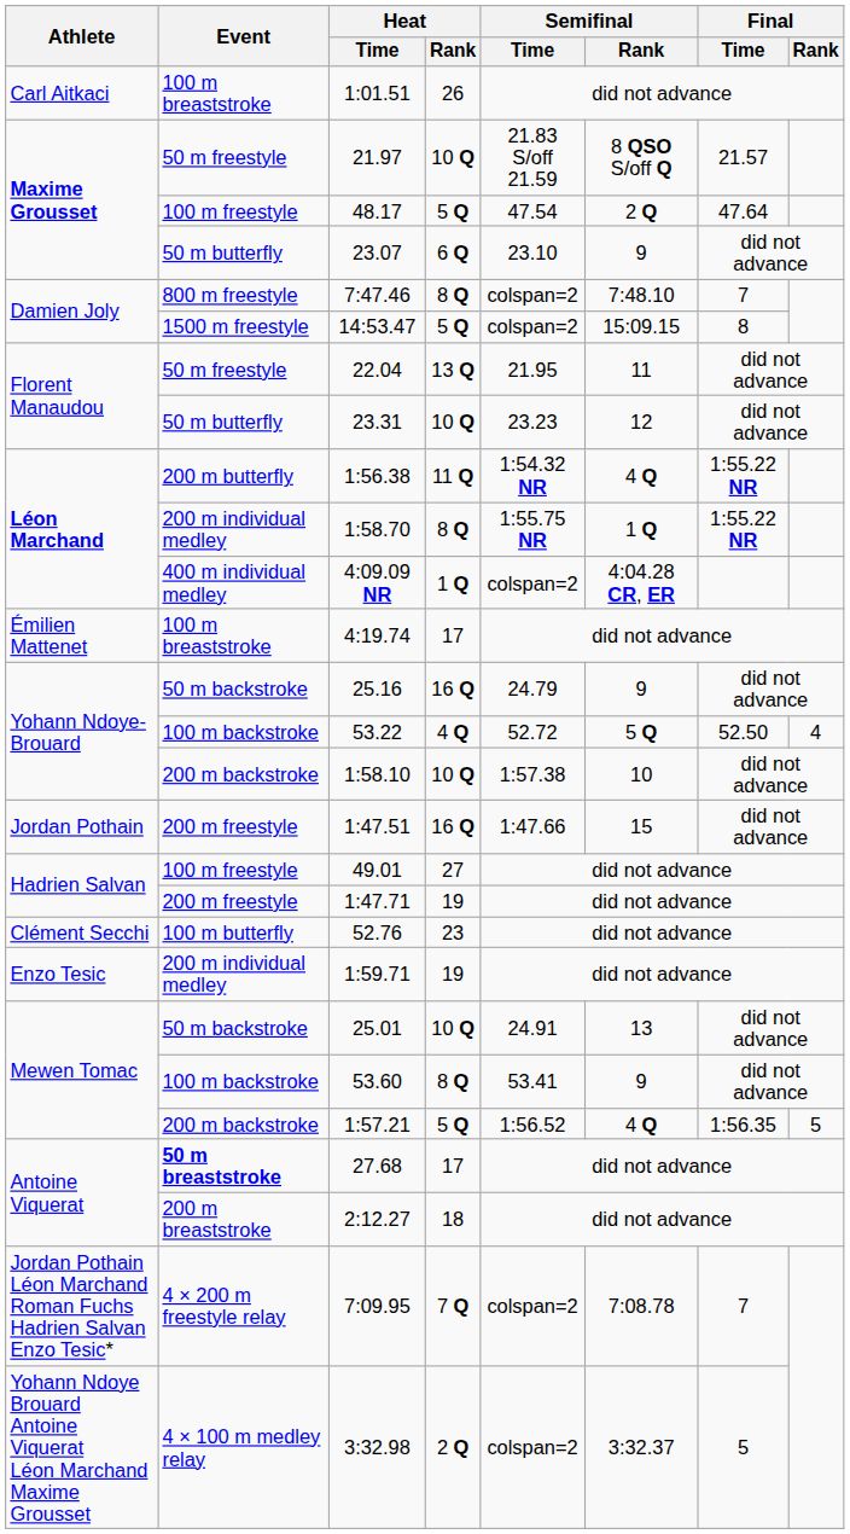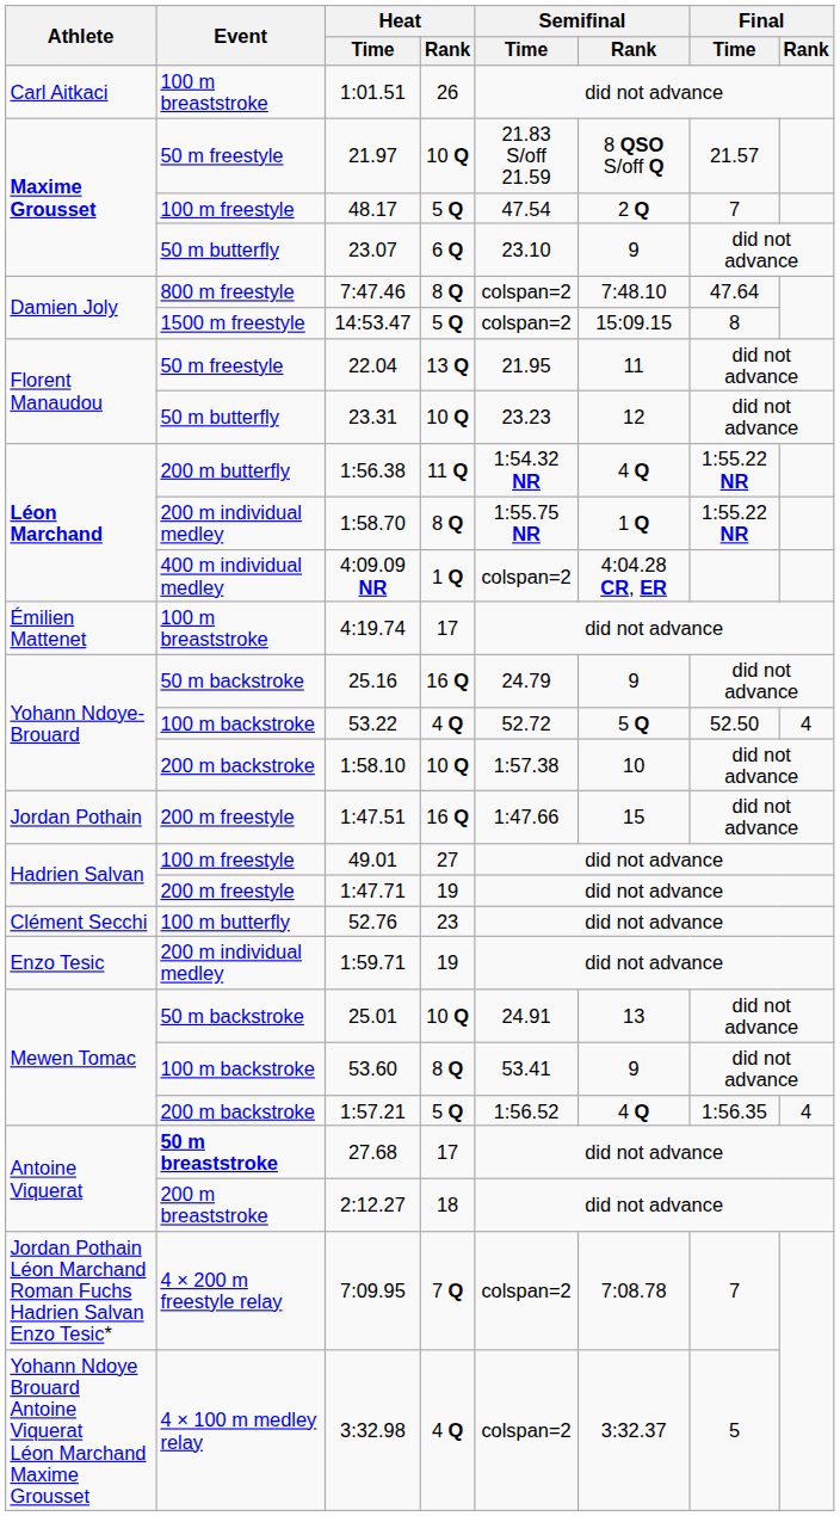 <table class=wikitable style="font-size:90%">
 <tr>
 <th rowspan="2">Athlete</th>
 <th rowspan="2">Event</th>
 <th colspan="2">Heat</th>
 <th colspan="2">Semifinal</th>
 <th colspan="2">Final</th>
 </tr>
 <tr style="font-size:95%">
 <th>Time</th>
 <th>Rank</th>
 <th>Time</th>
 <th>Rank</th>
 <th>Time</th>
 <th>Rank</th>
 </tr>
 <tr style="text-align:center">
 <td style="text-align:left"><a href='#'>Carl Aitkaci</a></td>
 <td style="text-align:left"><a href='#'>100 m breaststroke</a></td>
 <td>1:01.51</td>
 <td>26</td>
 <td colspan=4>did not advance</td>
 </tr>
 <tr style="text-align:center">
 <td style="text-align:left" rowspan=3><strong><a href='#'>Maxime Grousset</a></strong></td>
 <td style="text-align:left"><a href='#'>50 m freestyle</a></td>
 <td>21.97</td>
 <td>10 <strong>Q</strong></td>
 <td>21.83<br>S/off 21.59</td>
 <td>8 <strong>QSO</strong><br>S/off <strong>Q</strong></td>
 <td>21.57</td>
 <td></td>
 </tr>
 <tr style="text-align:center">
 <td style="text-align:left"><a href='#'>100 m freestyle</a></td>
 <td>48.17</td>
 <td>5 <strong>Q</strong></td>
 <td>47.54</td>
 <td>2 <strong>Q</strong></td>
-<td>47.64</td>
+<td>7</td>
 <td></td>
 </tr>
 <tr style="text-align:center">
 <td style="text-align:left"><a href='#'>50 m butterfly</a></td>
 <td>23.07</td>
 <td>6 <strong>Q</strong></td>
 <td>23.10</td>
 <td>9</td>
 <td colspan=2>did not advance</td>
 </tr>
 <tr style="text-align:center">
 <td style="text-align:left" rowspan=2><a href='#'>Damien Joly</a></td>
 <td style="text-align:left"><a href='#'>800 m freestyle</a></td>
 <td>7:47.46</td>
 <td>8 <strong>Q</strong></td>
 <td>colspan=2 </td>
 <td>7:48.10</td>
-<td>7</td>
+<td>47.64</td>
 </tr>
 <tr style="text-align:center">
 <td style="text-align:left"><a href='#'>1500 m freestyle</a></td>
 <td>14:53.47</td>
 <td>5 <strong>Q</strong></td>
 <td>colspan=2 </td>
 <td>15:09.15</td>
 <td>8</td>
 </tr>
 <tr style="text-align:center">
 <td style="text-align:left" rowspan=2><a href='#'>Florent Manaudou</a></td>
 <td style="text-align:left"><a href='#'>50 m freestyle</a></td>
 <td>22.04</td>
 <td>13 <strong>Q</strong></td>
 <td>21.95</td>
 <td>11</td>
 <td colspan=2>did not advance</td>
 </tr>
 <tr style="text-align:center">
 <td style="text-align:left"><a href='#'>50 m butterfly</a></td>
 <td>23.31</td>
 <td>10 <strong>Q</strong></td>
 <td>23.23</td>
 <td>12</td>
 <td colspan=2>did not advance</td>
 </tr>
 <tr style="text-align:center">
 <td style="text-align:left" rowspan=3><strong><a href='#'>Léon Marchand</a></strong></td>
 <td style="text-align:left"><a href='#'>200 m butterfly</a></td>
 <td>1:56.38</td>
 <td>11 <strong>Q</strong></td>
 <td>1:54.32 <strong><a href='#'>NR</a></strong></td>
 <td>4 <strong>Q</strong></td>
 <td>1:55.22 <strong><a href='#'>NR</a></strong></td>
 <td></td>
 </tr>
 <tr style="text-align:center">
 <td style="text-align:left"><a href='#'>200 m individual medley</a></td>
 <td>1:58.70</td>
 <td>8 <strong>Q</strong></td>
 <td>1:55.75 <strong><a href='#'>NR</a></strong></td>
 <td>1 <strong>Q</strong></td>
 <td>1:55.22 <strong><a href='#'>NR</a></strong></td>
 <td></td>
 </tr>
 <tr style="text-align:center">
 <td style="text-align:left"><a href='#'>400 m individual medley</a></td>
 <td>4:09.09 <strong><a href='#'>NR</a></strong></td>
 <td>1 <strong>Q</strong></td>
 <td>colspan=2 </td>
 <td>4:04.28 <strong><a href='#'>CR</a></strong>, <strong><a href='#'>ER</a></strong></td>
 <td></td>
 </tr>
 <tr style="text-align:center">
 <td style="text-align:left"><a href='#'>Émilien Mattenet</a></td>
 <td style="text-align:left"><a href='#'>100 m breaststroke</a></td>
 <td>4:19.74</td>
 <td>17</td>
 <td colspan=4>did not advance</td>
 </tr>
 <tr style="text-align:center">
 <td style="text-align:left" rowspan=3><a href='#'>Yohann Ndoye-Brouard</a></td>
 <td style="text-align:left"><a href='#'>50 m backstroke</a></td>
 <td>25.16</td>
 <td>16 <strong>Q</strong></td>
 <td>24.79</td>
 <td>9</td>
 <td colspan=2>did not advance</td>
 </tr>
 <tr style="text-align:center">
 <td style="text-align:left"><a href='#'>100 m backstroke</a></td>
 <td>53.22</td>
 <td>4 <strong>Q</strong></td>
 <td>52.72</td>
 <td>5 <strong>Q</strong></td>
 <td>52.50</td>
 <td>4</td>
 </tr>
 <tr style="text-align:center">
 <td style="text-align:left"><a href='#'>200 m backstroke</a></td>
 <td>1:58.10</td>
 <td>10 <strong>Q</strong></td>
 <td>1:57.38</td>
 <td>10</td>
 <td colspan=2>did not advance</td>
 </tr>
 <tr style="text-align:center">
 <td style="text-align:left"><a href='#'>Jordan Pothain</a></td>
 <td style="text-align:left"><a href='#'>200 m freestyle</a></td>
 <td>1:47.51</td>
 <td>16 <strong>Q</strong></td>
 <td>1:47.66</td>
 <td>15</td>
 <td colspan=2>did not advance</td>
 </tr>
 <tr style="text-align:center">
 <td style="text-align:left" rowspan=2><a href='#'>Hadrien Salvan</a></td>
 <td style="text-align:left"><a href='#'>100 m freestyle</a></td>
 <td>49.01</td>
 <td>27</td>
 <td colspan=4>did not advance</td>
 </tr>
 <tr style="text-align:center">
 <td style="text-align:left"><a href='#'>200 m freestyle</a></td>
 <td>1:47.71</td>
 <td>19</td>
 <td colspan=4>did not advance</td>
 </tr>
 <tr style="text-align:center">
 <td style="text-align:left"><a href='#'>Clément Secchi</a></td>
 <td style="text-align:left"><a href='#'>100 m butterfly</a></td>
 <td>52.76</td>
 <td>23</td>
 <td colspan=4>did not advance</td>
 </tr>
 <tr style="text-align:center">
 <td style="text-align:left"><a href='#'>Enzo Tesic</a></td>
 <td style="text-align:left"><a href='#'>200 m individual medley</a></td>
 <td>1:59.71</td>
 <td>19</td>
 <td colspan=4>did not advance</td>
 </tr>
 <tr style="text-align:center">
 <td style="text-align:left" rowspan=3><a href='#'>Mewen Tomac</a></td>
 <td style="text-align:left"><a href='#'>50 m backstroke</a></td>
 <td>25.01</td>
 <td>10 <strong>Q</strong></td>
 <td>24.91</td>
 <td>13</td>
 <td colspan=2>did not advance</td>
 </tr>
 <tr style="text-align:center">
 <td style="text-align:left"><a href='#'>100 m backstroke</a></td>
 <td>53.60</td>
 <td>8 <strong>Q</strong></td>
 <td>53.41</td>
 <td>9</td>
 <td colspan=2>did not advance</td>
 </tr>
 <tr style="text-align:center">
 <td style="text-align:left"><a href='#'>200 m backstroke</a></td>
 <td>1:57.21</td>
 <td>5 <strong>Q</strong></td>
 <td>1:56.52</td>
 <td>4 <strong>Q</strong></td>
 <td>1:56.35</td>
-<td>5</td>
+<td>4</td>
 </tr>
 <tr style="text-align:center">
 <td style="text-align:left" rowspan=2><a href='#'>Antoine Viquerat</a></td>
 <td style="text-align:left"><strong><a href='#'>50 m breaststroke</a></strong></td>
 <td>27.68</td>
 <td>17</td>
 <td colspan=4>did not advance</td>
 </tr>
 <tr style="text-align:center">
 <td style="text-align:left"><a href='#'>200 m breaststroke</a></td>
 <td>2:12.27</td>
 <td>18</td>
 <td colspan=4>did not advance</td>
 </tr>
 <tr style="text-align:center">
 <td style="text-align:left"><a href='#'>Jordan Pothain</a><br><a href='#'>Léon Marchand</a> <br><a href='#'>Roman Fuchs</a> <br><a href='#'>Hadrien Salvan</a><br><a href='#'>Enzo Tesic</a>*</td>
 <td style="text-align:left"><a href='#'>4 × 200 m freestyle relay</a></td>
 <td>7:09.95</td>
 <td>7 <strong>Q</strong></td>
 <td>colspan=2 </td>
 <td>7:08.78</td>
 <td>7</td>
 </tr>
 <tr style="text-align:center">
 <td style="text-align:left"><a href='#'>Yohann Ndoye Brouard</a><br><a href='#'>Antoine Viquerat</a><br><a href='#'>Léon Marchand</a> <br><a href='#'>Maxime Grousset</a></td>
 <td style="text-align:left"><a href='#'>4 × 100 m medley relay</a></td>
 <td>3:32.98</td>
-<td>2 <strong>Q</strong></td>
+<td>4 <strong>Q</strong></td>
 <td>colspan=2 </td>
 <td>3:32.37</td>
 <td>5</td>
 </tr>
 </table>
